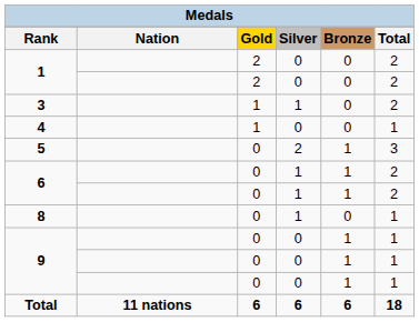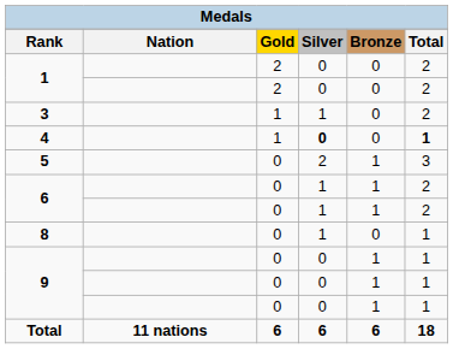 <table class=wikitable style=text-align:center>
 <tr>
 <td colspan=6 style="background:#BCD4E6"><strong>Medals</strong></td>
 </tr>
 <tr>
 </tr>
 <tr style="background-color:#EDEDED;">
 <th width=75px class="hintergrundfarbe5">Rank</th>
 <th width=175px class="hintergrundfarbe6">Nation</th>
 <th width=35px style="background:gold">Gold</th>
 <th width=35px style="background:silver">Silver</th>
 <th width=35px style="background:#CC9966">Bronze</th>
 <th width=35px>Total</th>
 </tr>
 <tr>
 <td rowspan="2"><strong>1</strong></td>
 <td style="text-align:left"></td>
 <td>2</td>
 <td>0</td>
 <td>0</td>
 <td>2</td>
 </tr>
 <tr>
 <td style="text-align:left"></td>
 <td>2</td>
 <td>0</td>
 <td>0</td>
 <td>2</td>
 </tr>
 <tr>
 <td><strong>3</strong></td>
 <td style="text-align:left"></td>
 <td>1</td>
 <td>1</td>
 <td>0</td>
 <td>2</td>
 </tr>
 <tr>
 <td><strong>4</strong></td>
 <td style="text-align:left"></td>
 <td>1</td>
+<td><strong>0</strong></td>
 <td>0</td>
-<td>0</td>
-<td>1</td>
+<td><strong>1</strong></td>
 </tr>
 <tr>
 <td><strong>5</strong></td>
 <td style="text-align:left"></td>
 <td>0</td>
 <td>2</td>
 <td>1</td>
 <td>3</td>
 </tr>
 <tr>
 <td rowspan="2"><strong>6</strong></td>
 <td style="text-align:left"></td>
 <td>0</td>
 <td>1</td>
 <td>1</td>
 <td>2</td>
 </tr>
 <tr>
 <td style="text-align:left"></td>
 <td>0</td>
 <td>1</td>
 <td>1</td>
 <td>2</td>
 </tr>
 <tr>
 <td><strong>8</strong></td>
 <td style="text-align:left"></td>
 <td>0</td>
 <td>1</td>
 <td>0</td>
 <td>1</td>
 </tr>
 <tr>
 <td rowspan="3"><strong>9</strong></td>
 <td style="text-align:left"></td>
 <td>0</td>
 <td>0</td>
 <td>1</td>
 <td>1</td>
 </tr>
 <tr>
 <td style="text-align:left"></td>
 <td>0</td>
 <td>0</td>
 <td>1</td>
 <td>1</td>
 </tr>
 <tr>
 <td style="text-align:left"></td>
 <td>0</td>
 <td>0</td>
 <td>1</td>
 <td>1</td>
 </tr>
 <tr>
 <td><strong>Total</strong></td>
 <td><strong>11 nations</strong></td>
 <td><strong>6</strong></td>
 <td><strong>6</strong></td>
 <td><strong>6</strong></td>
 <td><strong>18</strong></td>
 </tr>
 </table>
